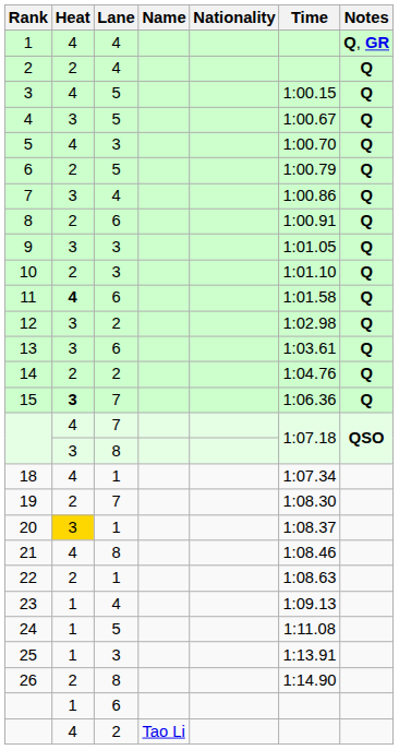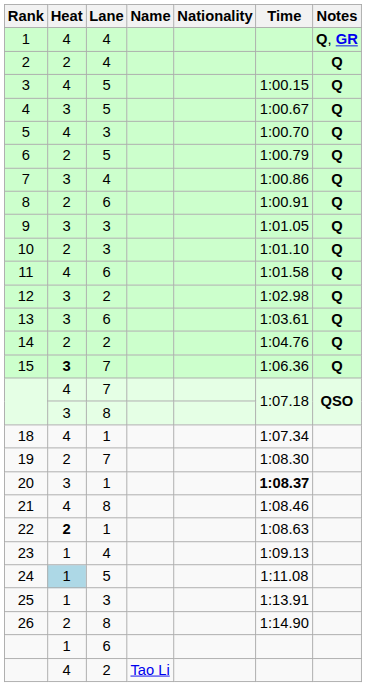 <table class="wikitable sortable" style="text-align:center">
 <tr>
 <th>Rank</th>
 <th>Heat</th>
 <th>Lane</th>
 <th>Name</th>
 <th>Nationality</th>
 <th>Time</th>
 <th>Notes</th>
 </tr>
 <tr bgcolor=ccffcc>
 <td>1</td>
 <td>4</td>
 <td>4</td>
 <td align=left></td>
 <td align=left></td>
 <td></td>
 <td><strong>Q</strong>, <strong><a href='#'>GR</a></strong></td>
 </tr>
 <tr bgcolor=ccffcc>
 <td>2</td>
 <td>2</td>
 <td>4</td>
 <td align=left></td>
 <td align=left></td>
 <td></td>
 <td><strong>Q</strong></td>
 </tr>
 <tr bgcolor=ccffcc>
 <td>3</td>
 <td>4</td>
 <td>5</td>
 <td align=left></td>
 <td align=left></td>
 <td>1:00.15</td>
 <td><strong>Q</strong></td>
 </tr>
 <tr bgcolor=ccffcc>
 <td>4</td>
 <td>3</td>
 <td>5</td>
 <td align=left></td>
 <td align=left></td>
 <td>1:00.67</td>
 <td><strong>Q</strong></td>
 </tr>
 <tr bgcolor=ccffcc>
 <td>5</td>
 <td>4</td>
 <td>3</td>
 <td align=left></td>
 <td align=left></td>
 <td>1:00.70</td>
 <td><strong>Q</strong></td>
 </tr>
 <tr bgcolor=ccffcc>
 <td>6</td>
 <td>2</td>
 <td>5</td>
 <td align=left></td>
 <td align=left></td>
 <td>1:00.79</td>
 <td><strong>Q</strong></td>
 </tr>
 <tr bgcolor=ccffcc>
 <td>7</td>
 <td>3</td>
 <td>4</td>
 <td align=left></td>
 <td align=left></td>
 <td>1:00.86</td>
 <td><strong>Q</strong></td>
 </tr>
 <tr bgcolor=ccffcc>
 <td>8</td>
 <td>2</td>
 <td>6</td>
 <td align=left></td>
 <td align=left></td>
 <td>1:00.91</td>
 <td><strong>Q</strong></td>
 </tr>
 <tr bgcolor=ccffcc>
 <td>9</td>
 <td>3</td>
 <td>3</td>
 <td align=left></td>
 <td align=left></td>
 <td>1:01.05</td>
 <td><strong>Q</strong></td>
 </tr>
 <tr bgcolor=ccffcc>
 <td>10</td>
 <td>2</td>
 <td>3</td>
 <td align=left></td>
 <td align=left></td>
 <td>1:01.10</td>
 <td><strong>Q</strong></td>
 </tr>
 <tr bgcolor=ccffcc>
 <td>11</td>
-<td><strong>4</strong></td>
+<td>4</td>
 <td>6</td>
 <td align=left></td>
 <td align=left></td>
 <td>1:01.58</td>
 <td><strong>Q</strong></td>
 </tr>
 <tr bgcolor=ccffcc>
 <td>12</td>
 <td>3</td>
 <td>2</td>
 <td align=left></td>
 <td align=left></td>
 <td>1:02.98</td>
 <td><strong>Q</strong></td>
 </tr>
 <tr bgcolor=ccffcc>
 <td>13</td>
 <td>3</td>
 <td>6</td>
 <td align=left></td>
 <td align=left></td>
 <td>1:03.61</td>
 <td><strong>Q</strong></td>
 </tr>
 <tr bgcolor=ccffcc>
 <td>14</td>
 <td>2</td>
 <td>2</td>
 <td align=left></td>
 <td align=left></td>
 <td>1:04.76</td>
 <td><strong>Q</strong></td>
 </tr>
 <tr bgcolor=ccffcc>
 <td>15</td>
 <td><strong>3</strong></td>
 <td>7</td>
 <td align=left></td>
 <td align=left></td>
 <td>1:06.36</td>
 <td><strong>Q</strong></td>
 </tr>
 <tr bgcolor=#e5ffe5>
 <td rowspan=2></td>
 <td>4</td>
 <td>7</td>
 <td align=left></td>
 <td align=left></td>
 <td rowspan=2>1:07.18</td>
 <td rowspan=2><strong>QSO</strong></td>
 </tr>
 <tr bgcolor=#e5ffe5>
 <td>3</td>
 <td>8</td>
 <td align=left></td>
 <td align=left></td>
 </tr>
 <tr>
 <td>18</td>
 <td>4</td>
 <td>1</td>
 <td align=left></td>
 <td align=left></td>
 <td>1:07.34</td>
 <td></td>
 </tr>
 <tr>
 <td>19</td>
 <td>2</td>
 <td>7</td>
 <td align=left></td>
 <td align=left></td>
 <td>1:08.30</td>
 <td></td>
 </tr>
 <tr>
 <td>20</td>
-<td style="background: gold;">3</td>
+<td>3</td>
 <td>1</td>
 <td align=left></td>
 <td align=left></td>
-<td>1:08.37</td>
+<td><strong>1:08.37</strong></td>
 <td></td>
 </tr>
 <tr>
 <td>21</td>
 <td>4</td>
 <td>8</td>
 <td align=left></td>
 <td align=left></td>
 <td>1:08.46</td>
 <td></td>
 </tr>
 <tr>
 <td>22</td>
-<td>2</td>
+<td><strong>2</strong></td>
 <td>1</td>
 <td align=left></td>
 <td align=left></td>
 <td>1:08.63</td>
 <td></td>
 </tr>
 <tr>
 <td>23</td>
 <td>1</td>
 <td>4</td>
 <td align=left></td>
 <td align=left></td>
 <td>1:09.13</td>
 <td></td>
 </tr>
 <tr>
 <td>24</td>
-<td>1</td>
+<td style="background: lightblue;">1</td>
 <td>5</td>
 <td align=left></td>
 <td align=left></td>
 <td>1:11.08</td>
 <td></td>
 </tr>
 <tr>
 <td>25</td>
 <td>1</td>
 <td>3</td>
 <td align=left></td>
 <td align=left></td>
 <td>1:13.91</td>
 <td></td>
 </tr>
 <tr>
 <td>26</td>
 <td>2</td>
 <td>8</td>
 <td align=left></td>
 <td align=left></td>
 <td>1:14.90</td>
 <td></td>
 </tr>
 <tr>
 <td></td>
 <td>1</td>
 <td>6</td>
 <td align=left></td>
 <td align=left></td>
 <td></td>
 <td></td>
 </tr>
 <tr>
 <td></td>
 <td>4</td>
 <td>2</td>
 <td align=left><a href='#'>Tao Li</a></td>
 <td align=left></td>
 <td></td>
 <td></td>
 </tr>
 </table>
